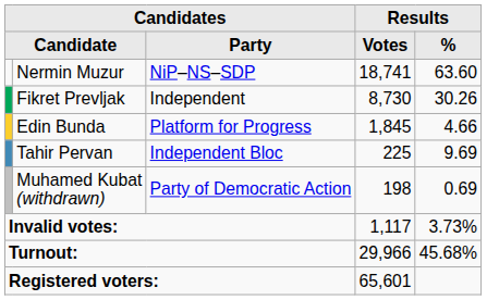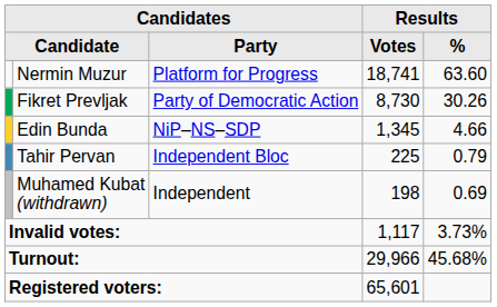 <table class="wikitable" border="1">
 <tr>
 <th colspan="3" align="center" style="background-color:#E9E9E9">Candidates</th>
 <th colspan="2" align="center" style="background-color:#E9E9E9">Results</th>
 </tr>
 <tr>
 <th colspan="2" align="center" style="background-color:#E9E9E9">Candidate</th>
 <th align="center" style="background-color:#E9E9E9">Party</th>
 <th align="center" style="background-color:#E9E9E9">Votes</th>
 <th align="center" style="background-color:#E9E9E9">%</th>
 </tr>
 <tr>
 <td></td>
 <td align="left">Nermin Muzur</td>
-<td align="left"><a href='#'>NiP</a>–<a href='#'>NS</a>–<a href='#'>SDP</a></td>
+<td align="left"><a href='#'>Platform for Progress</a></td>
 <td align="right">18,741</td>
 <td align="right">63.60</td>
 </tr>
 <tr>
 <td bgcolor="#00A859"></td>
 <td align="left">Fikret Prevljak</td>
-<td align="left">Independent</td>
+<td align="left"><a href='#'>Party of Democratic Action</a></td>
 <td align="right">8,730</td>
 <td align="right">30.26</td>
 </tr>
 <tr>
 <td bgcolor="#FCCF2B"></td>
 <td align="left">Edin Bunda</td>
-<td align="left"><a href='#'>Platform for Progress</a></td>
-<td align="right">1,845</td>
+<td align="left"><a href='#'>NiP</a>–<a href='#'>NS</a>–<a href='#'>SDP</a></td>
+<td align="right">1,345</td>
 <td align="right">4.66</td>
 </tr>
 <tr>
 <td bgcolor="#4089B6"></td>
 <td align="left">Tahir Pervan</td>
 <td align="left"><a href='#'>Independent Bloc</a></td>
 <td align="right">225</td>
-<td align="right">9.69</td>
+<td align="right">0.79</td>
 </tr>
 <tr>
 <td bgcolor="#C0C0C0"></td>
 <td align="left">Muhamed Kubat <br> <em>(withdrawn)</em></td>
-<td align="left"><a href='#'>Party of Democratic Action</a></td>
+<td align="left">Independent</td>
 <td align="right">198</td>
 <td align="right">0.69</td>
 </tr>
 <tr>
 <td colspan="3" align="left"><strong>Invalid votes:</strong></td>
 <td align="right">1,117</td>
 <td align="right">3.73%</td>
 </tr>
 <tr>
 <td colspan="3" align="left"><strong>Turnout:</strong></td>
 <td align="right">29,966</td>
 <td align="right">45.68%</td>
 </tr>
 <tr>
 <td colspan="3" align="left"><strong>Registered voters:</strong></td>
 <td align="right">65,601</td>
 <td align="right"></td>
 </tr>
 </table>
